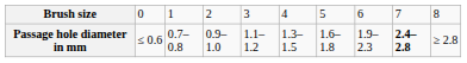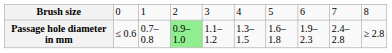 <table class="wikitable">
 <tr>
 <th>Brush size</th>
 <td>0</td>
 <td>1</td>
 <td>2</td>
 <td>3</td>
 <td>4</td>
 <td>5</td>
 <td>6</td>
 <td>7</td>
 <td>8</td>
 </tr>
 <tr>
 <th>Passage hole diameter in mm</th>
 <td>≤ 0.6</td>
 <td>0.7–0.8</td>
-<td>0.9–1.0</td>
+<td style="background: lightgreen;">0.9–1.0</td>
 <td>1.1–1.2</td>
 <td>1.3–1.5</td>
 <td>1.6–1.8</td>
 <td>1.9–2.3</td>
-<td><strong>2.4–2.8</strong></td>
+<td>2.4–2.8</td>
 <td>≥ 2.8</td>
 </tr>
 </table>
